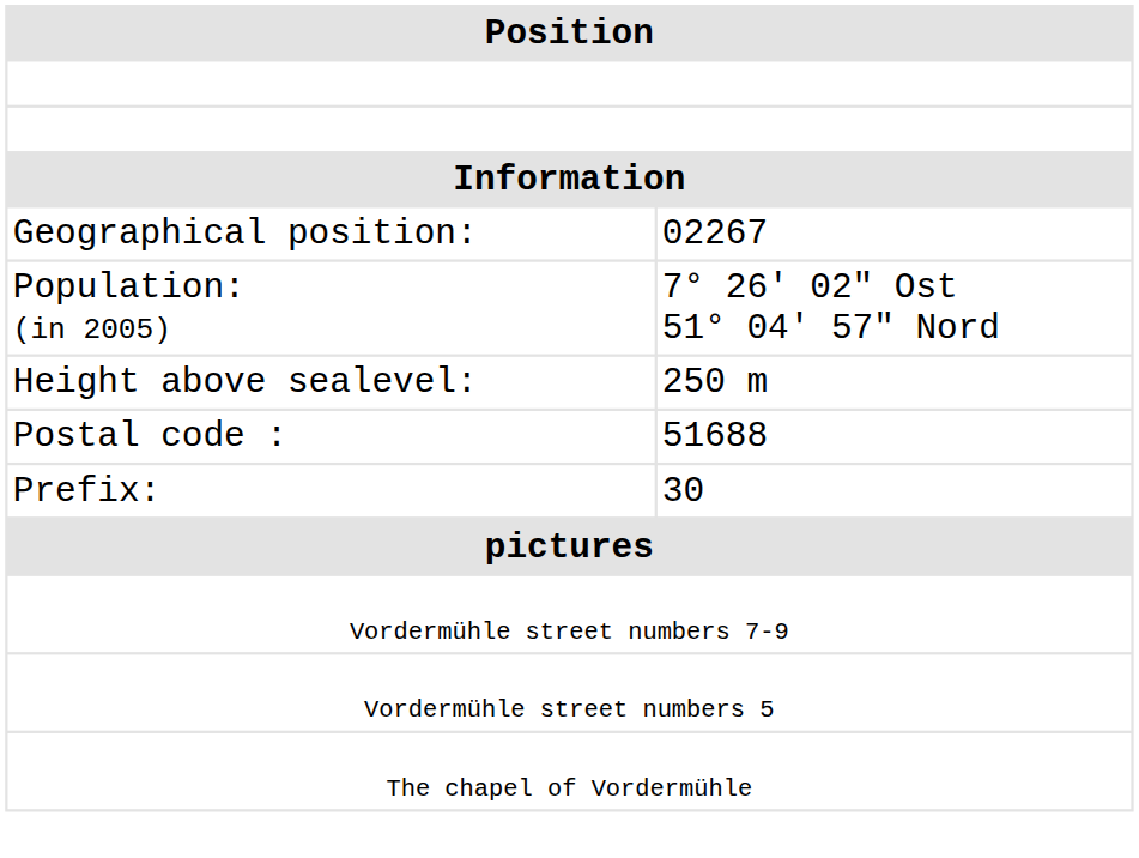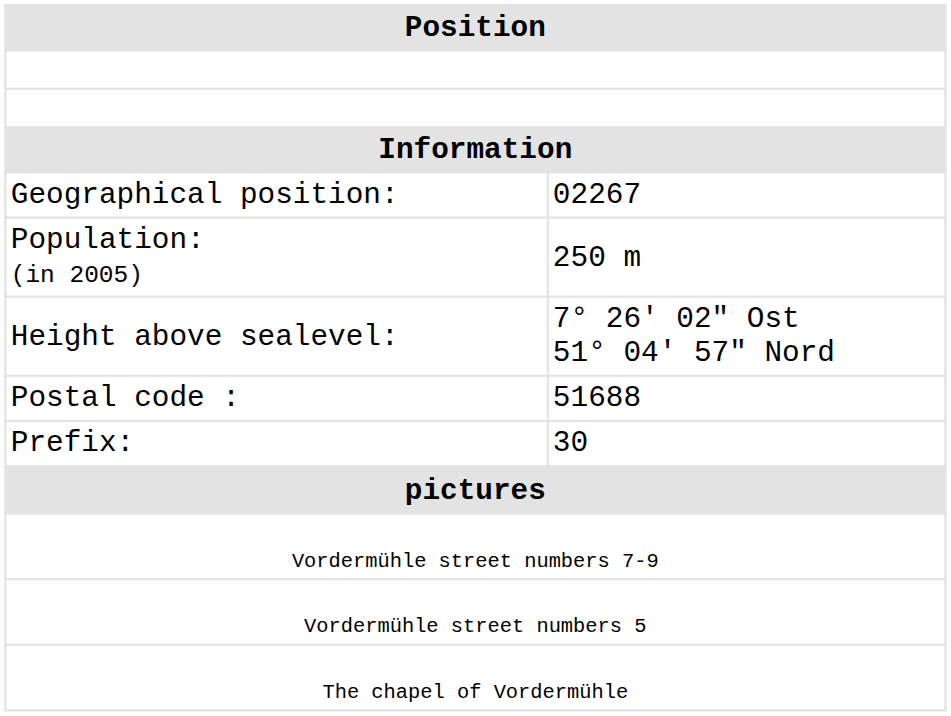 <table border="0" cellpadding="2" cellspacing="1" style="float:right; empty-cells:show; width:33%; margin-left:1em; margin-bottom:0,5em; background:#e3e3e3;">
 <tr>
 <th colspan="2" align="center"><strong>Position</strong></th>
 </tr>
 <tr bgcolor="#FFFFFF">
 <td colspan="2" style="text-align:center; font-size:smaller"><br></td>
 </tr>
 <tr bgcolor="#FFFFFF">
 <td colspan="2" style="text-align:center; font-size:smaller"><br></td>
 </tr>
 <tr>
 <th colspan="2" align=center><strong>Information</strong></th>
 </tr>
 <tr bgcolor="#FFFFFF">
 <td>Geographical position:</td>
 <td>02267</td>
 </tr>
 <tr bgcolor="#FFFFFF">
 <td>Population:<br><small>(in 2005)</small></td>
-<td>7° 26' 02" Ost<br>51° 04' 57" Nord</td>
+<td>250 m</td>
 </tr>
 <tr bgcolor="#FFFFFF">
 <td>Height above sealevel:</td>
-<td>250 m</td>
+<td>7° 26' 02" Ost<br>51° 04' 57" Nord</td>
 </tr>
 <tr bgcolor="#FFFFFF">
 <td>Postal code :</td>
 <td>51688</td>
 </tr>
 <tr bgcolor="#FFFFFF">
 <td>Prefix:</td>
 <td>30</td>
 </tr>
 <tr bgcolor="#FFFFFF">
 </tr>
 <tr>
 <th colspan="2" align="center"><strong>pictures</strong></th>
 </tr>
 <tr bgcolor="#FFFFFF">
 <td colspan="2" style="text-align:center; font-size:smaller"><br><small>Vordermühle street numbers 7-9</small></td>
 </tr>
 <tr bgcolor="#FFFFFF">
 <td colspan="2" style="text-align:center; font-size:smaller"><br><small>Vordermühle street numbers 5</small></td>
 </tr>
 <tr bgcolor="#FFFFFF">
 <td colspan="2" style="text-align:center; font-size:smaller"><br><small>The chapel of Vordermühle</small></td>
 </tr>
 </table>
